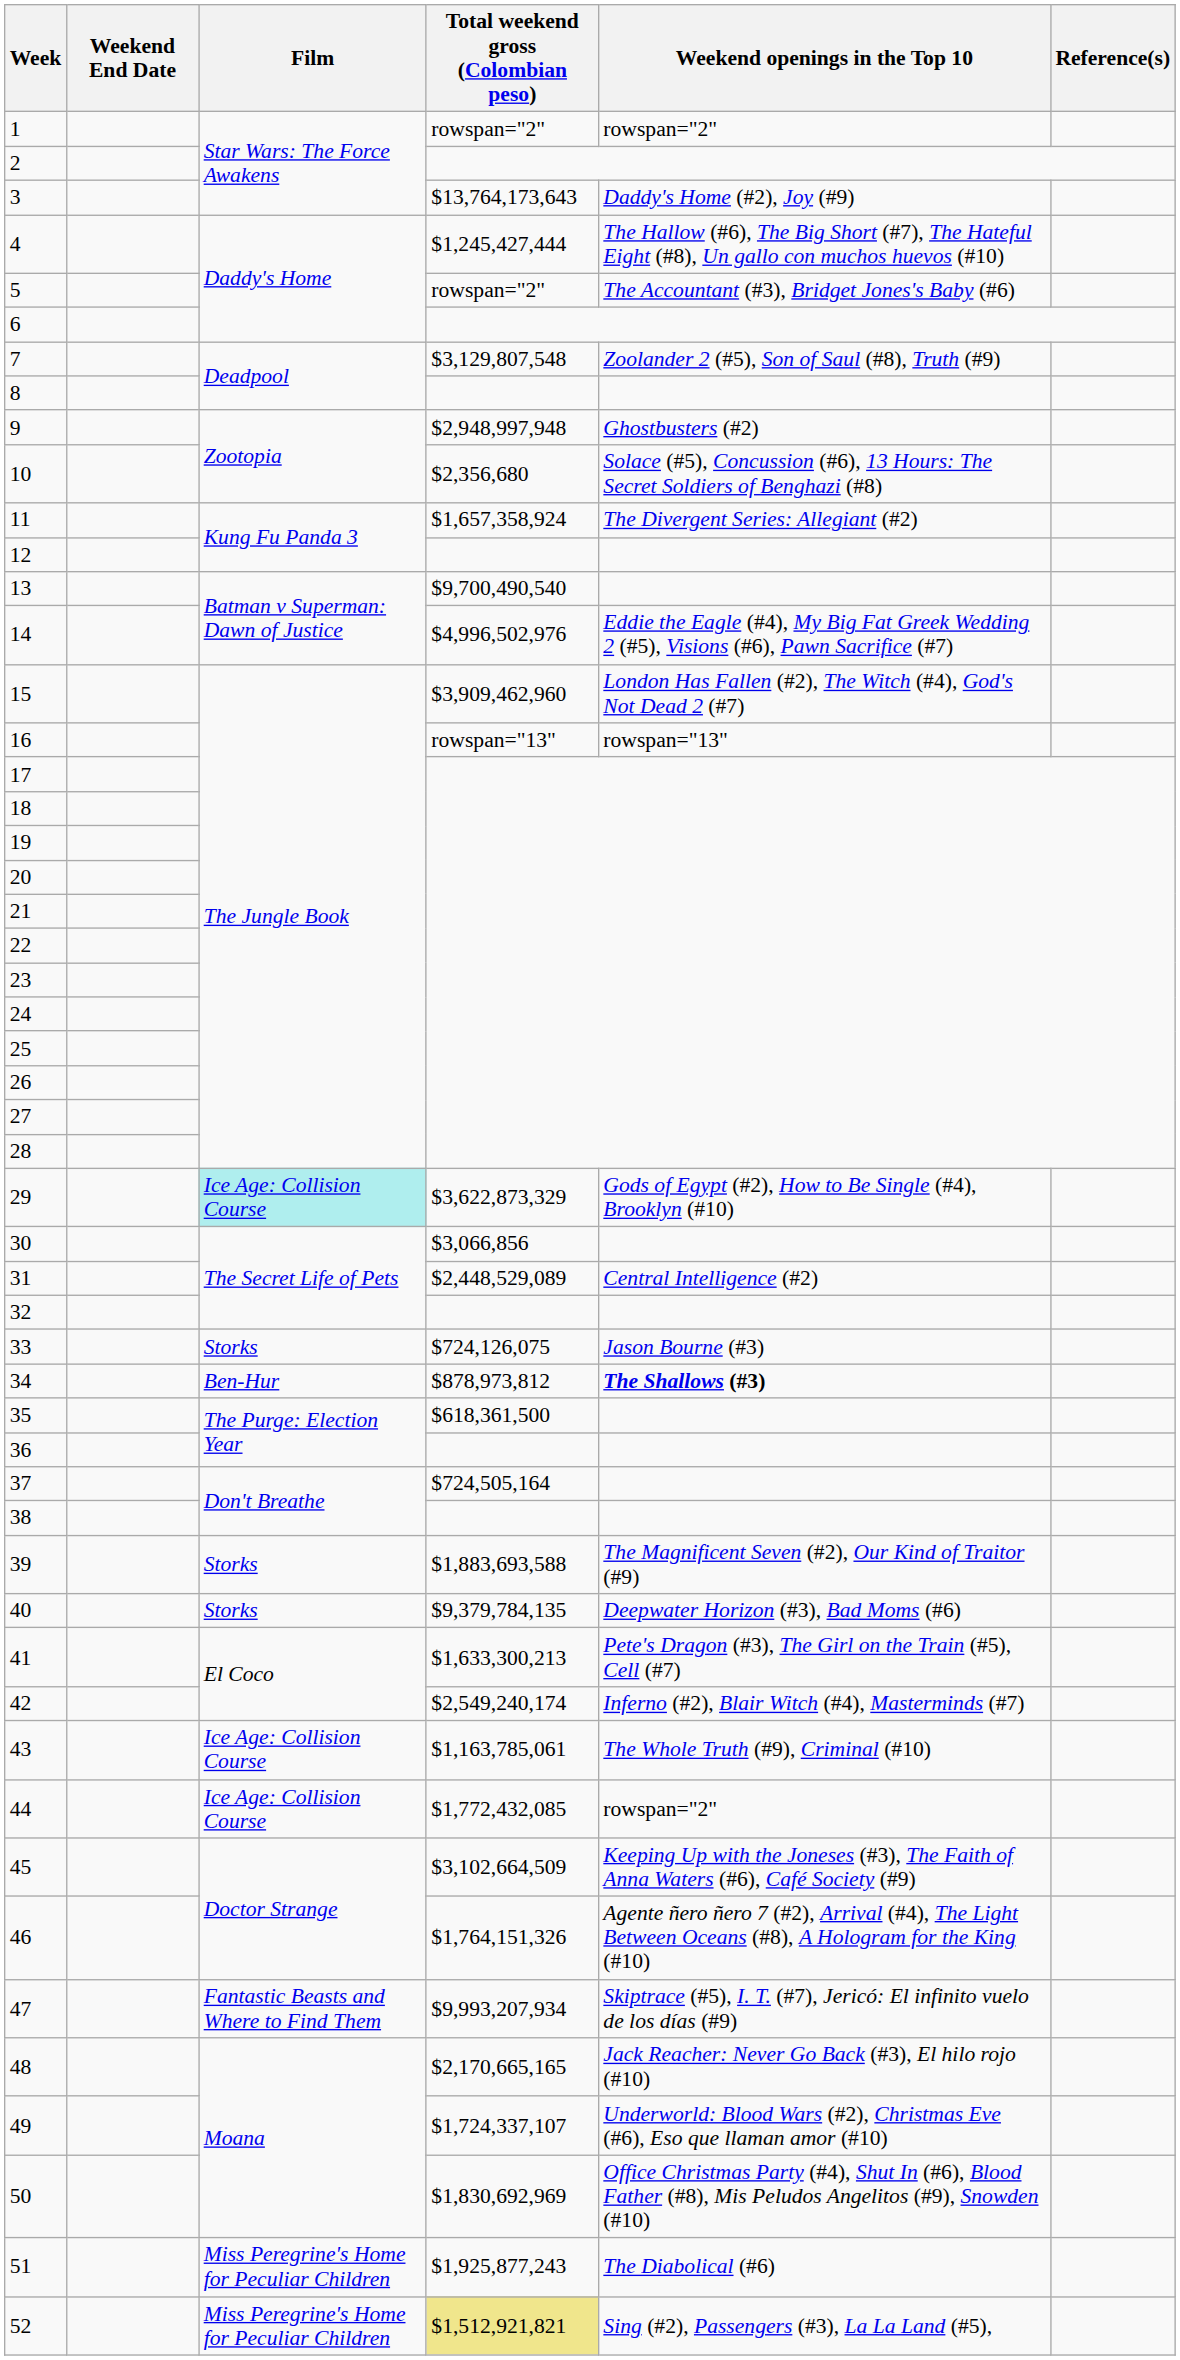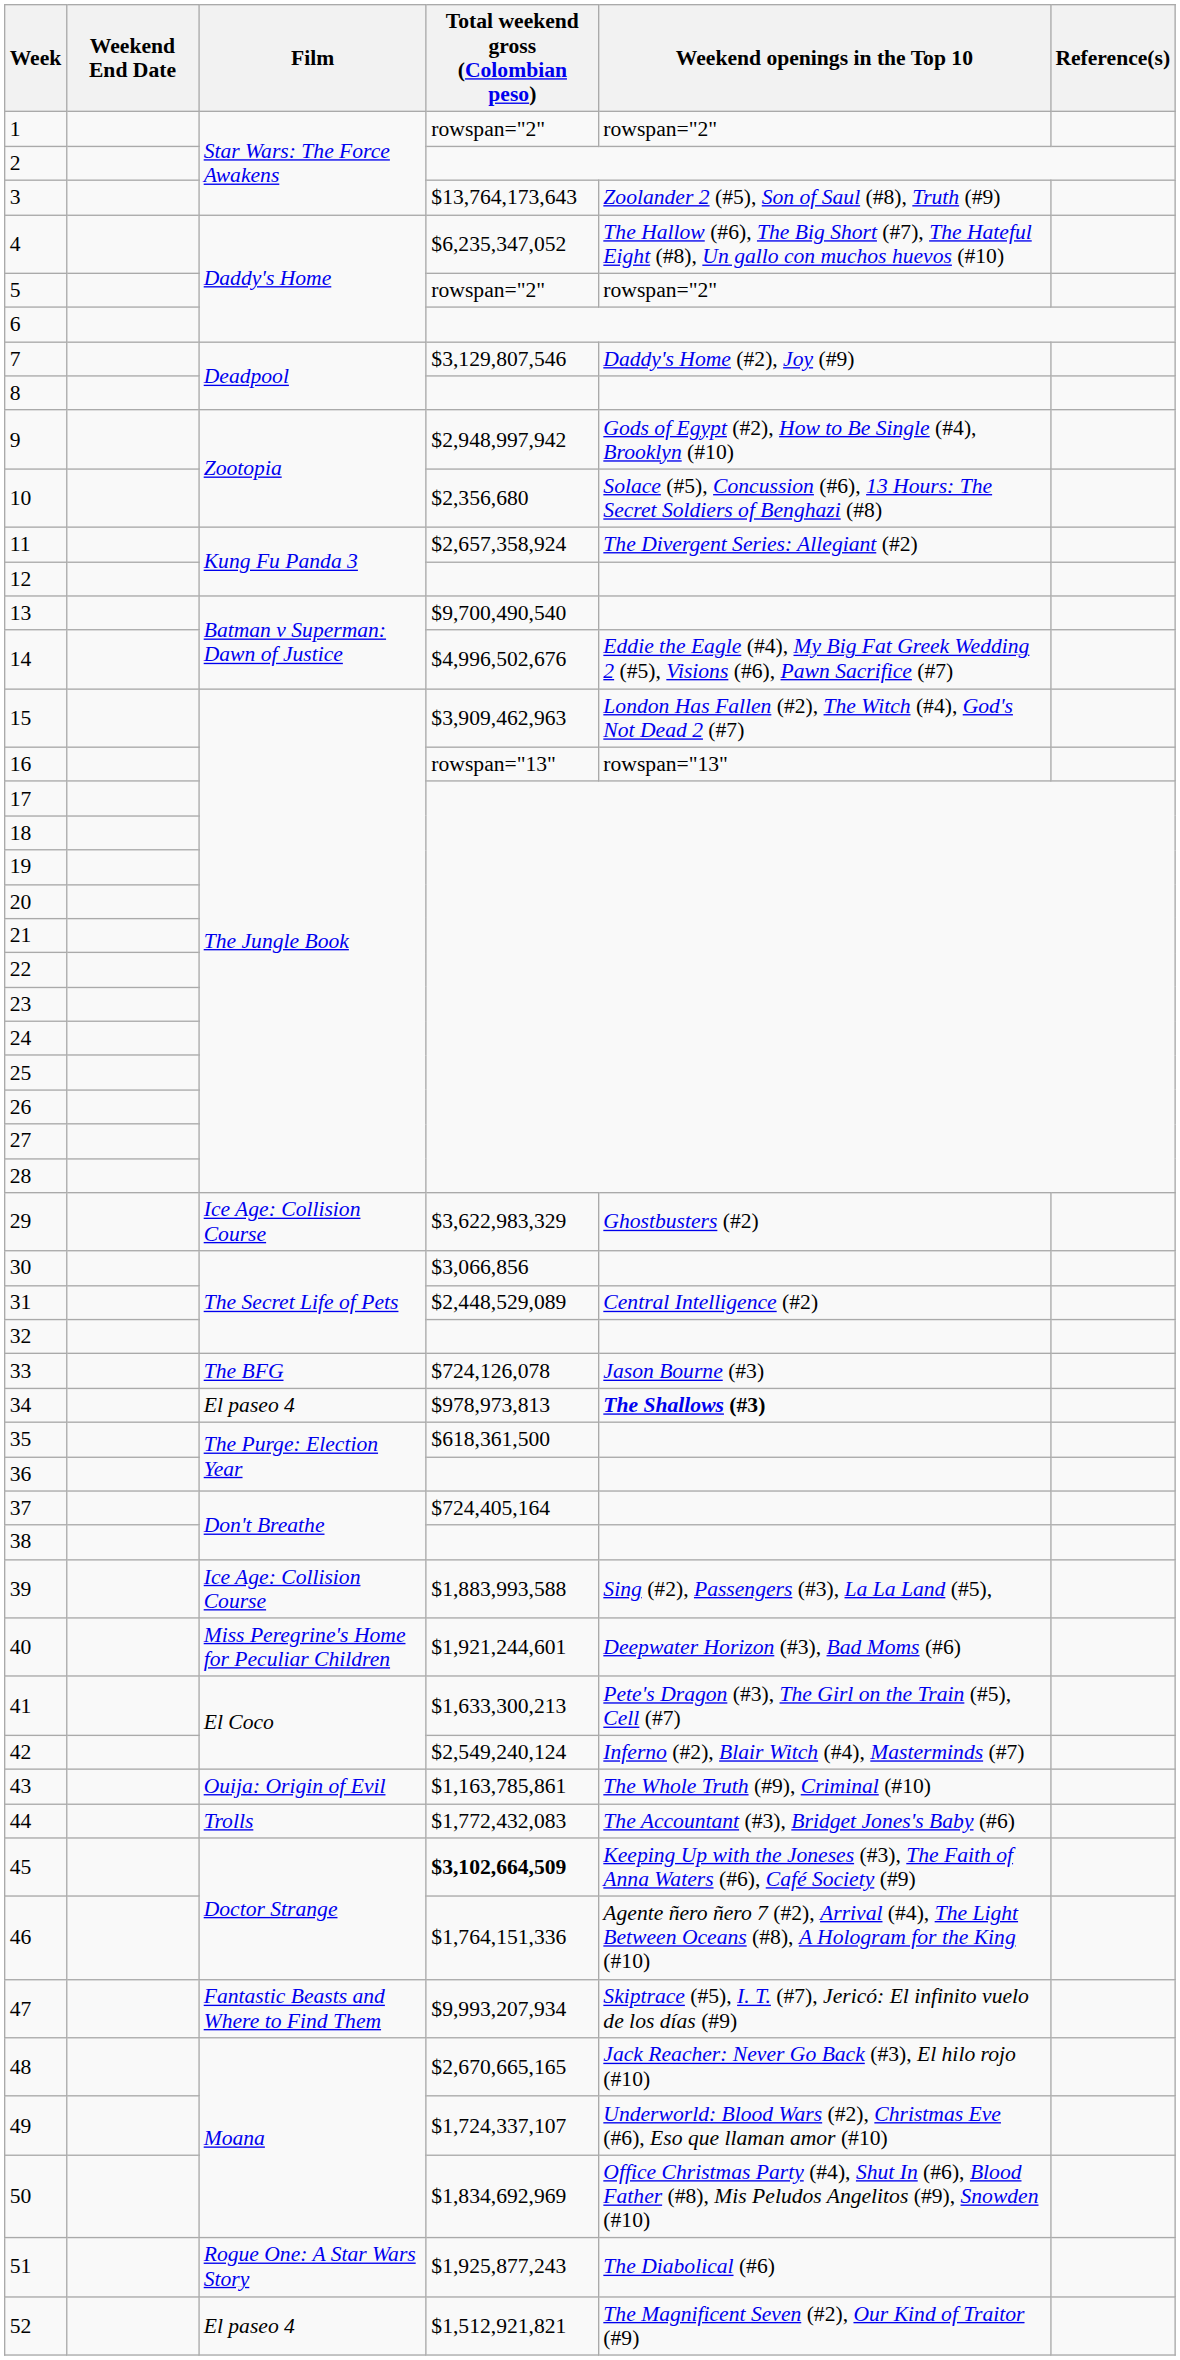 <table class="wikitable sortable">
 <tr>
 <th>Week</th>
 <th>Weekend End Date</th>
 <th>Film</th>
 <th>Total weekend gross<br>(<a href='#'>Colombian peso</a>)</th>
 <th>Weekend openings in the Top 10</th>
 <th>Reference(s)</th>
 </tr>
 <tr>
 <td>1</td>
 <td></td>
 <td rowspan="3"><em><a href='#'>Star Wars: The Force Awakens</a></em></td>
 <td>rowspan="2" </td>
 <td>rowspan="2" </td>
 <td align="center"></td>
 </tr>
 <tr>
 <td>2</td>
 <td></td>
 </tr>
 <tr>
 <td>3</td>
 <td></td>
 <td>$13,764,173,643</td>
-<td><em><a href='#'>Daddy's Home</a></em> (#2), <em><a href='#'>Joy</a></em> (#9)</td>
+<td><em><a href='#'>Zoolander 2</a></em> (#5),  <em><a href='#'>Son of Saul</a></em> (#8), <em><a href='#'>Truth</a></em> (#9)</td>
 <td align="center"></td>
 </tr>
 <tr>
 <td>4</td>
 <td></td>
 <td rowspan="3"><em><a href='#'>Daddy's Home</a></em></td>
-<td>$1,245,427,444</td>
+<td>$6,235,347,052</td>
 <td><em><a href='#'>The Hallow</a></em> (#6), <em><a href='#'>The Big Short</a></em> (#7), <em><a href='#'>The Hateful Eight</a></em> (#8), <em><a href='#'>Un gallo con muchos huevos</a></em> (#10)</td>
 <td align="center"></td>
 </tr>
 <tr>
 <td>5</td>
 <td></td>
 <td>rowspan="2" </td>
-<td><em><a href='#'>The Accountant</a></em> (#3), <em><a href='#'>Bridget Jones's Baby</a></em> (#6)</td>
+<td>rowspan="2" </td>
 <td align="center"></td>
 </tr>
 <tr>
 <td>6</td>
 <td></td>
 </tr>
 <tr>
 <td>7</td>
 <td></td>
 <td rowspan="2"><em><a href='#'>Deadpool</a></em></td>
-<td>$3,129,807,548</td>
-<td><em><a href='#'>Zoolander 2</a></em> (#5),  <em><a href='#'>Son of Saul</a></em> (#8), <em><a href='#'>Truth</a></em> (#9)</td>
+<td>$3,129,807,546</td>
+<td><em><a href='#'>Daddy's Home</a></em> (#2), <em><a href='#'>Joy</a></em> (#9)</td>
 <td align="center"></td>
 </tr>
 <tr>
 <td>8</td>
 <td></td>
 <td></td>
 <td></td>
 <td align="center"></td>
 </tr>
 <tr>
 <td>9</td>
 <td></td>
 <td rowspan="2"><em><a href='#'>Zootopia</a></em></td>
-<td>$2,948,997,948</td>
-<td><em><a href='#'>Ghostbusters</a></em> (#2)</td>
+<td>$2,948,997,942</td>
+<td><em><a href='#'>Gods of Egypt</a></em> (#2), <em><a href='#'>How to Be Single</a></em> (#4), <em><a href='#'>Brooklyn</a></em> (#10)</td>
 <td align="center"></td>
 </tr>
 <tr>
 <td>10</td>
 <td></td>
 <td>$2,356,680</td>
 <td><em><a href='#'>Solace</a></em> (#5), <em><a href='#'>Concussion</a></em> (#6), <em><a href='#'>13 Hours: The Secret Soldiers of Benghazi</a></em> (#8)</td>
 <td align="center"></td>
 </tr>
 <tr>
 <td>11</td>
 <td></td>
 <td rowspan="2"><em><a href='#'>Kung Fu Panda 3</a></em></td>
-<td>$1,657,358,924</td>
+<td>$2,657,358,924</td>
 <td><em><a href='#'>The Divergent Series: Allegiant</a></em> (#2)</td>
 <td align="center"></td>
 </tr>
 <tr>
 <td>12</td>
 <td></td>
 <td></td>
 <td></td>
 <td align="center"></td>
 </tr>
 <tr>
 <td>13</td>
 <td></td>
 <td rowspan="2"><em><a href='#'>Batman v Superman: Dawn of Justice</a></em></td>
 <td>$9,700,490,540</td>
 <td></td>
 <td align="center"></td>
 </tr>
 <tr>
 <td>14</td>
 <td></td>
-<td>$4,996,502,976</td>
+<td>$4,996,502,676</td>
 <td><em><a href='#'>Eddie the Eagle</a></em> (#4), <em><a href='#'>My Big Fat Greek Wedding 2</a></em> (#5), <em><a href='#'>Visions</a></em> (#6), <em><a href='#'>Pawn Sacrifice</a></em> (#7)</td>
 <td align="center"></td>
 </tr>
 <tr>
 <td>15</td>
 <td></td>
 <td rowspan="14"><em><a href='#'>The Jungle Book</a></em></td>
-<td>$3,909,462,960</td>
+<td>$3,909,462,963</td>
 <td><em><a href='#'>London Has Fallen</a></em> (#2), <em><a href='#'>The Witch</a></em> (#4), <em><a href='#'>God's Not Dead 2</a></em> (#7)</td>
 <td align="center"></td>
 </tr>
 <tr>
 <td>16</td>
 <td></td>
 <td>rowspan="13" </td>
 <td>rowspan="13" </td>
 <td align="center"></td>
 </tr>
 <tr>
 <td>17</td>
 <td></td>
 </tr>
 <tr>
 <td>18</td>
 <td></td>
 </tr>
 <tr>
 <td>19</td>
 <td></td>
 </tr>
 <tr>
 <td>20</td>
 <td></td>
 </tr>
 <tr>
 <td>21</td>
 <td></td>
 </tr>
 <tr>
 <td>22</td>
 <td></td>
 </tr>
 <tr>
 <td>23</td>
 <td></td>
 </tr>
 <tr>
 <td>24</td>
 <td></td>
 </tr>
 <tr>
 <td>25</td>
 <td></td>
 </tr>
 <tr>
 <td>26</td>
 <td></td>
 </tr>
 <tr>
 <td>27</td>
 <td></td>
 </tr>
 <tr>
 <td>28</td>
 <td></td>
 </tr>
 <tr>
 <td>29</td>
 <td></td>
-<td style="background: paleturquoise;"><em><a href='#'>Ice Age: Collision Course</a></em></td>
-<td>$3,622,873,329</td>
-<td><em><a href='#'>Gods of Egypt</a></em> (#2), <em><a href='#'>How to Be Single</a></em> (#4), <em><a href='#'>Brooklyn</a></em> (#10)</td>
+<td><em><a href='#'>Ice Age: Collision Course</a></em></td>
+<td>$3,622,983,329</td>
+<td><em><a href='#'>Ghostbusters</a></em> (#2)</td>
 <td align="center"></td>
 </tr>
 <tr>
 <td>30</td>
 <td></td>
 <td rowspan="3"><em><a href='#'>The Secret Life of Pets</a></em></td>
 <td>$3,066,856</td>
 <td></td>
 <td align="center"></td>
 </tr>
 <tr>
 <td>31</td>
 <td></td>
 <td>$2,448,529,089</td>
 <td><em><a href='#'>Central Intelligence</a></em> (#2)</td>
 <td align="center"></td>
 </tr>
 <tr>
 <td>32</td>
 <td></td>
 <td></td>
 <td></td>
 <td align="center"></td>
 </tr>
 <tr>
 <td>33</td>
 <td></td>
-<td><em><a href='#'>Storks</a></em></td>
-<td>$724,126,075</td>
+<td><em><a href='#'>The BFG</a></em></td>
+<td>$724,126,078</td>
 <td><em><a href='#'>Jason Bourne</a></em> (#3)</td>
 <td align="center"></td>
 </tr>
 <tr>
 <td>34</td>
 <td></td>
-<td><em><a href='#'>Ben-Hur</a></em></td>
-<td>$878,973,812</td>
+<td><em>El paseo 4</em></td>
+<td>$978,973,813</td>
 <td><strong><em><a href='#'>The Shallows</a></em> (#3)</strong></td>
 <td align="center"></td>
 </tr>
 <tr>
 <td>35</td>
 <td></td>
 <td rowspan="2"><em><a href='#'>The Purge: Election Year</a></em></td>
 <td>$618,361,500</td>
 <td></td>
 <td align="center"></td>
 </tr>
 <tr>
 <td>36</td>
 <td></td>
 <td></td>
 <td></td>
 <td align="center"></td>
 </tr>
 <tr>
 <td>37</td>
 <td></td>
 <td rowspan="2"><em><a href='#'>Don't Breathe</a></em></td>
-<td>$724,505,164</td>
+<td>$724,405,164</td>
 <td></td>
 <td align="center"></td>
 </tr>
 <tr>
 <td>38</td>
 <td></td>
 <td></td>
 <td></td>
 <td align="center"></td>
 </tr>
 <tr>
 <td>39</td>
 <td></td>
-<td><em><a href='#'>Storks</a></em></td>
-<td>$1,883,693,588</td>
-<td><em><a href='#'>The Magnificent Seven</a></em> (#2), <em><a href='#'>Our Kind of Traitor</a></em> (#9)</td>
+<td><em><a href='#'>Ice Age: Collision Course</a></em></td>
+<td>$1,883,993,588</td>
+<td><em><a href='#'>Sing</a></em> (#2), <em><a href='#'>Passengers</a></em> (#3), <em><a href='#'>La La Land</a></em> (#5),</td>
 <td align="center"></td>
 </tr>
 <tr>
 <td>40</td>
 <td></td>
-<td><em><a href='#'>Storks</a></em></td>
-<td>$9,379,784,135</td>
+<td><em><a href='#'>Miss Peregrine's Home for Peculiar Children</a></em></td>
+<td>$1,921,244,601</td>
 <td><em><a href='#'>Deepwater Horizon</a></em> (#3), <em><a href='#'>Bad Moms</a></em> (#6)</td>
 <td align="center"></td>
 </tr>
 <tr>
 <td>41</td>
 <td></td>
 <td rowspan="2"><em>El Coco</em></td>
 <td>$1,633,300,213</td>
 <td><em><a href='#'>Pete's Dragon</a></em> (#3), <em><a href='#'>The Girl on the Train</a></em> (#5), <em><a href='#'>Cell</a></em> (#7)</td>
 <td align="center"></td>
 </tr>
 <tr>
 <td>42</td>
 <td></td>
-<td>$2,549,240,174</td>
+<td>$2,549,240,124</td>
 <td><em><a href='#'>Inferno</a></em> (#2), <em><a href='#'>Blair Witch</a></em> (#4), <em><a href='#'>Masterminds</a></em> (#7)</td>
 <td align="center"></td>
 </tr>
 <tr>
 <td>43</td>
 <td></td>
-<td><em><a href='#'>Ice Age: Collision Course</a></em></td>
-<td>$1,163,785,061</td>
+<td><em><a href='#'>Ouija: Origin of Evil</a></em></td>
+<td>$1,163,785,861</td>
 <td><em><a href='#'>The Whole Truth</a></em> (#9), <em><a href='#'>Criminal</a></em> (#10)</td>
 <td align="center"></td>
 </tr>
 <tr>
 <td>44</td>
 <td></td>
-<td><em><a href='#'>Ice Age: Collision Course</a></em></td>
-<td>$1,772,432,085</td>
-<td>rowspan="2" </td>
+<td><em><a href='#'>Trolls</a></em></td>
+<td>$1,772,432,083</td>
+<td><em><a href='#'>The Accountant</a></em> (#3), <em><a href='#'>Bridget Jones's Baby</a></em> (#6)</td>
 <td align="center"></td>
 </tr>
 <tr>
 <td>45</td>
 <td></td>
 <td rowspan="2"><em><a href='#'>Doctor Strange</a></em></td>
-<td>$3,102,664,509</td>
+<td><strong>$3,102,664,509</strong></td>
 <td><em><a href='#'>Keeping Up with the Joneses</a></em> (#3), <em><a href='#'>The Faith of Anna Waters</a></em> (#6), <em><a href='#'>Café Society</a></em> (#9)</td>
 <td align="center"></td>
 </tr>
 <tr>
 <td>46</td>
 <td></td>
-<td>$1,764,151,326</td>
+<td>$1,764,151,336</td>
 <td><em>Agente ñero ñero 7</em> (#2), <em><a href='#'>Arrival</a></em> (#4), <em><a href='#'>The Light Between Oceans</a></em> (#8), <em><a href='#'>A Hologram for the King</a></em> (#10)</td>
 <td align="center"></td>
 </tr>
 <tr>
 <td>47</td>
 <td></td>
 <td><em><a href='#'>Fantastic Beasts and Where to Find Them</a></em></td>
 <td>$9,993,207,934</td>
 <td><em><a href='#'>Skiptrace</a></em> (#5), <em><a href='#'>I. T.</a></em> (#7), <em>Jericó: El infinito vuelo de los días</em> (#9)</td>
 <td align="center"></td>
 </tr>
 <tr>
 <td>48</td>
 <td></td>
 <td rowspan="3"><em><a href='#'>Moana</a></em></td>
-<td>$2,170,665,165</td>
+<td>$2,670,665,165</td>
 <td><em><a href='#'>Jack Reacher: Never Go Back</a></em> (#3), <em>El hilo rojo</em> (#10)</td>
 <td align="center"></td>
 </tr>
 <tr>
 <td>49</td>
 <td></td>
 <td>$1,724,337,107</td>
 <td><em><a href='#'>Underworld: Blood Wars</a></em> (#2), <em><a href='#'>Christmas Eve</a></em> (#6), <em>Eso que llaman amor</em> (#10)</td>
 <td align="center"></td>
 </tr>
 <tr>
 <td>50</td>
 <td></td>
-<td>$1,830,692,969</td>
+<td>$1,834,692,969</td>
 <td><em><a href='#'>Office Christmas Party</a></em> (#4), <em><a href='#'>Shut In</a></em> (#6), <em><a href='#'>Blood Father</a></em> (#8), <em>Mis Peludos Angelitos</em> (#9), <em><a href='#'>Snowden</a></em> (#10)</td>
 <td align="center"></td>
 </tr>
 <tr>
 <td>51</td>
 <td></td>
-<td><em><a href='#'>Miss Peregrine's Home for Peculiar Children</a></em></td>
+<td><em><a href='#'>Rogue One: A Star Wars Story</a></em></td>
 <td>$1,925,877,243</td>
 <td><em><a href='#'>The Diabolical</a></em> (#6)</td>
 <td align="center"></td>
 </tr>
 <tr>
 <td>52</td>
 <td></td>
-<td><em><a href='#'>Miss Peregrine's Home for Peculiar Children</a></em></td>
-<td style="background: khaki;">$1,512,921,821</td>
-<td><em><a href='#'>Sing</a></em> (#2), <em><a href='#'>Passengers</a></em> (#3), <em><a href='#'>La La Land</a></em> (#5),</td>
+<td><em>El paseo 4</em></td>
+<td>$1,512,921,821</td>
+<td><em><a href='#'>The Magnificent Seven</a></em> (#2), <em><a href='#'>Our Kind of Traitor</a></em> (#9)</td>
 <td align="center"></td>
 </tr>
 </table>
